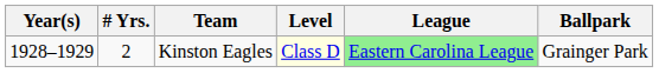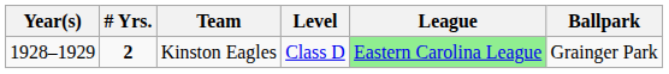 <table class="wikitable" style="text-align:center; font-size: 95%;">
 <tr>
 <th>Year(s)</th>
 <th># Yrs.</th>
 <th>Team</th>
 <th>Level</th>
 <th>League</th>
 <th>Ballpark</th>
 </tr>
 <tr>
 <td>1928–1929</td>
-<td>2</td>
+<td><strong>2</strong></td>
 <td>Kinston Eagles</td>
-<td style="background: lightyellow;"><a href='#'>Class D</a></td>
+<td><a href='#'>Class D</a></td>
 <td style="background: lightgreen;"><a href='#'>Eastern Carolina League</a></td>
 <td>Grainger Park</td>
 </tr>
 <tr>
 </tr>
 </table>
